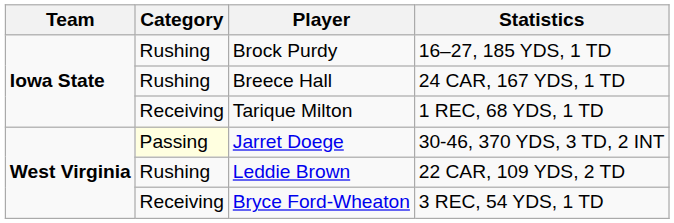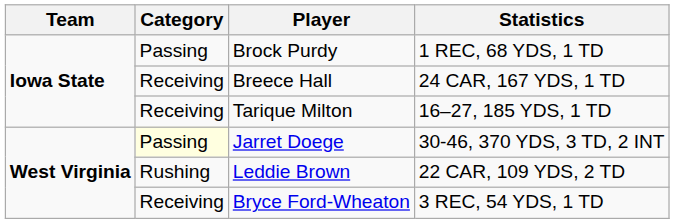 <table class="wikitable" style="float: right;">
 <tr>
 <th>Team</th>
 <th>Category</th>
 <th>Player</th>
 <th>Statistics</th>
 </tr>
 <tr>
 <td rowspan=3><strong>Iowa State</strong></td>
-<td>Rushing</td>
+<td>Passing</td>
 <td>Brock Purdy</td>
-<td>16–27, 185 YDS, 1 TD</td>
+<td>1 REC, 68 YDS, 1 TD</td>
 </tr>
 <tr>
-<td>Rushing</td>
+<td>Receiving</td>
 <td>Breece Hall</td>
 <td>24 CAR, 167 YDS, 1 TD</td>
 </tr>
 <tr>
 <td>Receiving</td>
 <td>Tarique Milton</td>
-<td>1 REC, 68 YDS, 1 TD</td>
+<td>16–27, 185 YDS, 1 TD</td>
 </tr>
 <tr>
 <td rowspan=3><strong>West Virginia</strong></td>
 <td style="background: lightyellow;">Passing</td>
 <td><a href='#'>Jarret Doege</a></td>
 <td>30-46, 370 YDS, 3 TD, 2 INT</td>
 </tr>
 <tr>
 <td>Rushing</td>
 <td><a href='#'>Leddie Brown</a></td>
 <td>22 CAR, 109 YDS, 2 TD</td>
 </tr>
 <tr>
 <td>Receiving</td>
 <td><a href='#'>Bryce Ford-Wheaton</a></td>
 <td>3 REC, 54 YDS, 1 TD</td>
 </tr>
 </table>
